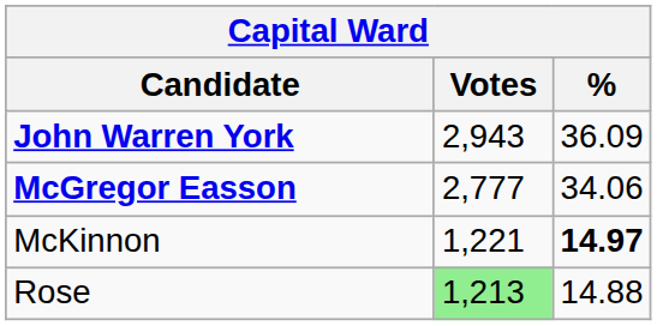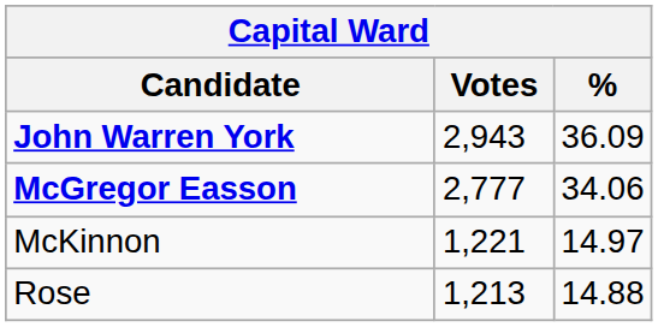 <table class="wikitable">
 <tr>
 <th colspan="3"><a href='#'>Capital Ward</a></th>
 </tr>
 <tr>
 <th style="width: 200px">Candidate</th>
 <th style="width: 50px">Votes</th>
 <th style="width: 40px">%</th>
 </tr>
 <tr>
 <td><strong><a href='#'>John Warren York</a></strong></td>
 <td>2,943</td>
 <td>36.09</td>
 </tr>
 <tr>
 <td><strong><a href='#'>McGregor Easson</a></strong></td>
 <td>2,777</td>
 <td>34.06</td>
 </tr>
 <tr>
 <td>McKinnon</td>
 <td>1,221</td>
-<td><strong>14.97</strong></td>
+<td>14.97</td>
 </tr>
 <tr>
 <td>Rose</td>
-<td style="background: lightgreen;">1,213</td>
+<td>1,213</td>
 <td>14.88</td>
 </tr>
 </table>
